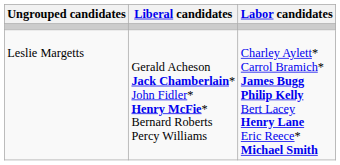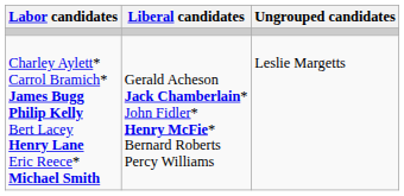 <table class="wikitable">
 <tr>
+<th><a href='#'>Labor</a> candidates</th>
+<th><a href='#'>Liberal</a> candidates</th>
 <th>Ungrouped candidates</th>
-<th><a href='#'>Liberal</a> candidates</th>
-<th><a href='#'>Labor</a> candidates</th>
 </tr>
 <tr bgcolor="#cccccc">
 <td></td>
 <td></td>
 <td></td>
 </tr>
 <tr>
+<td><br><a href='#'>Charley Aylett</a>*<br> <a href='#'>Carrol Bramich</a>*<br> <strong><a href='#'>James Bugg</a></strong><br> <strong><a href='#'>Philip Kelly</a></strong><br> <a href='#'>Bert Lacey</a><br> <strong><a href='#'>Henry Lane</a></strong><br> <a href='#'>Eric Reece</a>*<br> <strong><a href='#'>Michael Smith</a></strong></td>
+<td><br>Gerald Acheson<br> <strong><a href='#'>Jack Chamberlain</a></strong>*<br> <a href='#'>John Fidler</a>*<br> <strong><a href='#'>Henry McFie</a></strong>*<br> Bernard Roberts<br> Percy Williams</td>
 <td valign=top><br>Leslie Margetts</td>
-<td><br>Gerald Acheson<br> <strong><a href='#'>Jack Chamberlain</a></strong>*<br> <a href='#'>John Fidler</a>*<br> <strong><a href='#'>Henry McFie</a></strong>*<br> Bernard Roberts<br> Percy Williams</td>
-<td><br><a href='#'>Charley Aylett</a>*<br> <a href='#'>Carrol Bramich</a>*<br> <strong><a href='#'>James Bugg</a></strong><br> <strong><a href='#'>Philip Kelly</a></strong><br> <a href='#'>Bert Lacey</a><br> <strong><a href='#'>Henry Lane</a></strong><br> <a href='#'>Eric Reece</a>*<br> <strong><a href='#'>Michael Smith</a></strong></td>
 </tr>
 </table>
